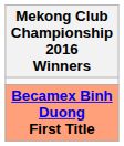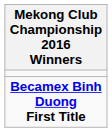 <table class="wikitable" style="text-align: center; margin: 0 auto; width: 20%">
 <tr>
 <th>Mekong Club Championship 2016<br>Winners</th>
 </tr>
 <tr>
 <td></td>
 </tr>
 <tr>
-<td style="background: lightsalmon;"><strong><a href='#'>Becamex Binh Duong</a></strong><br><strong>First Title</strong></td>
+<td><strong><a href='#'>Becamex Binh Duong</a></strong><br><strong>First Title</strong></td>
 </tr>
 </table>
